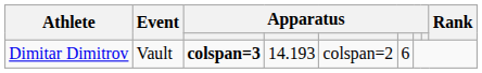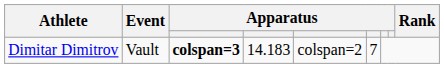 <table class="wikitable" style="font-size:90%">
 <tr>
 <th rowspan=2>Athlete</th>
 <th rowspan=2>Event</th>
 <th colspan =6>Apparatus</th>
 <th rowspan=2>Rank</th>
 </tr>
 <tr style="font-size:95%">
 <th></th>
 <th></th>
 <th></th>
 <th></th>
 <th></th>
 <th></th>
 </tr>
 <tr align=center>
 <td align=left><a href='#'>Dimitar Dimitrov</a></td>
 <td align=left>Vault</td>
 <td><strong>colspan=3</strong></td>
-<td>14.193</td>
+<td>14.183</td>
 <td>colspan=2</td>
-<td>6</td>
+<td>7</td>
 </tr>
 </table>
